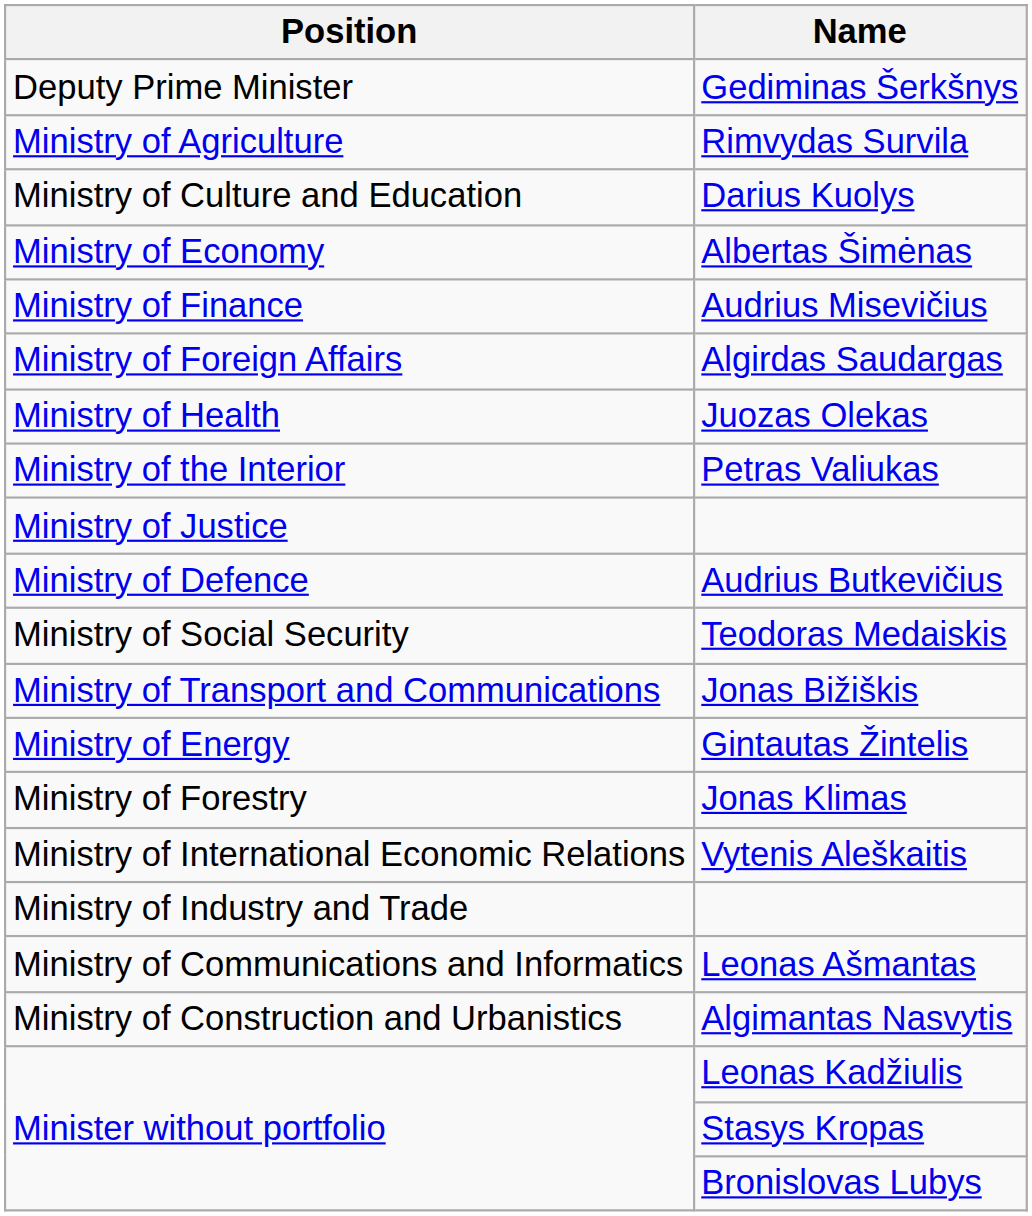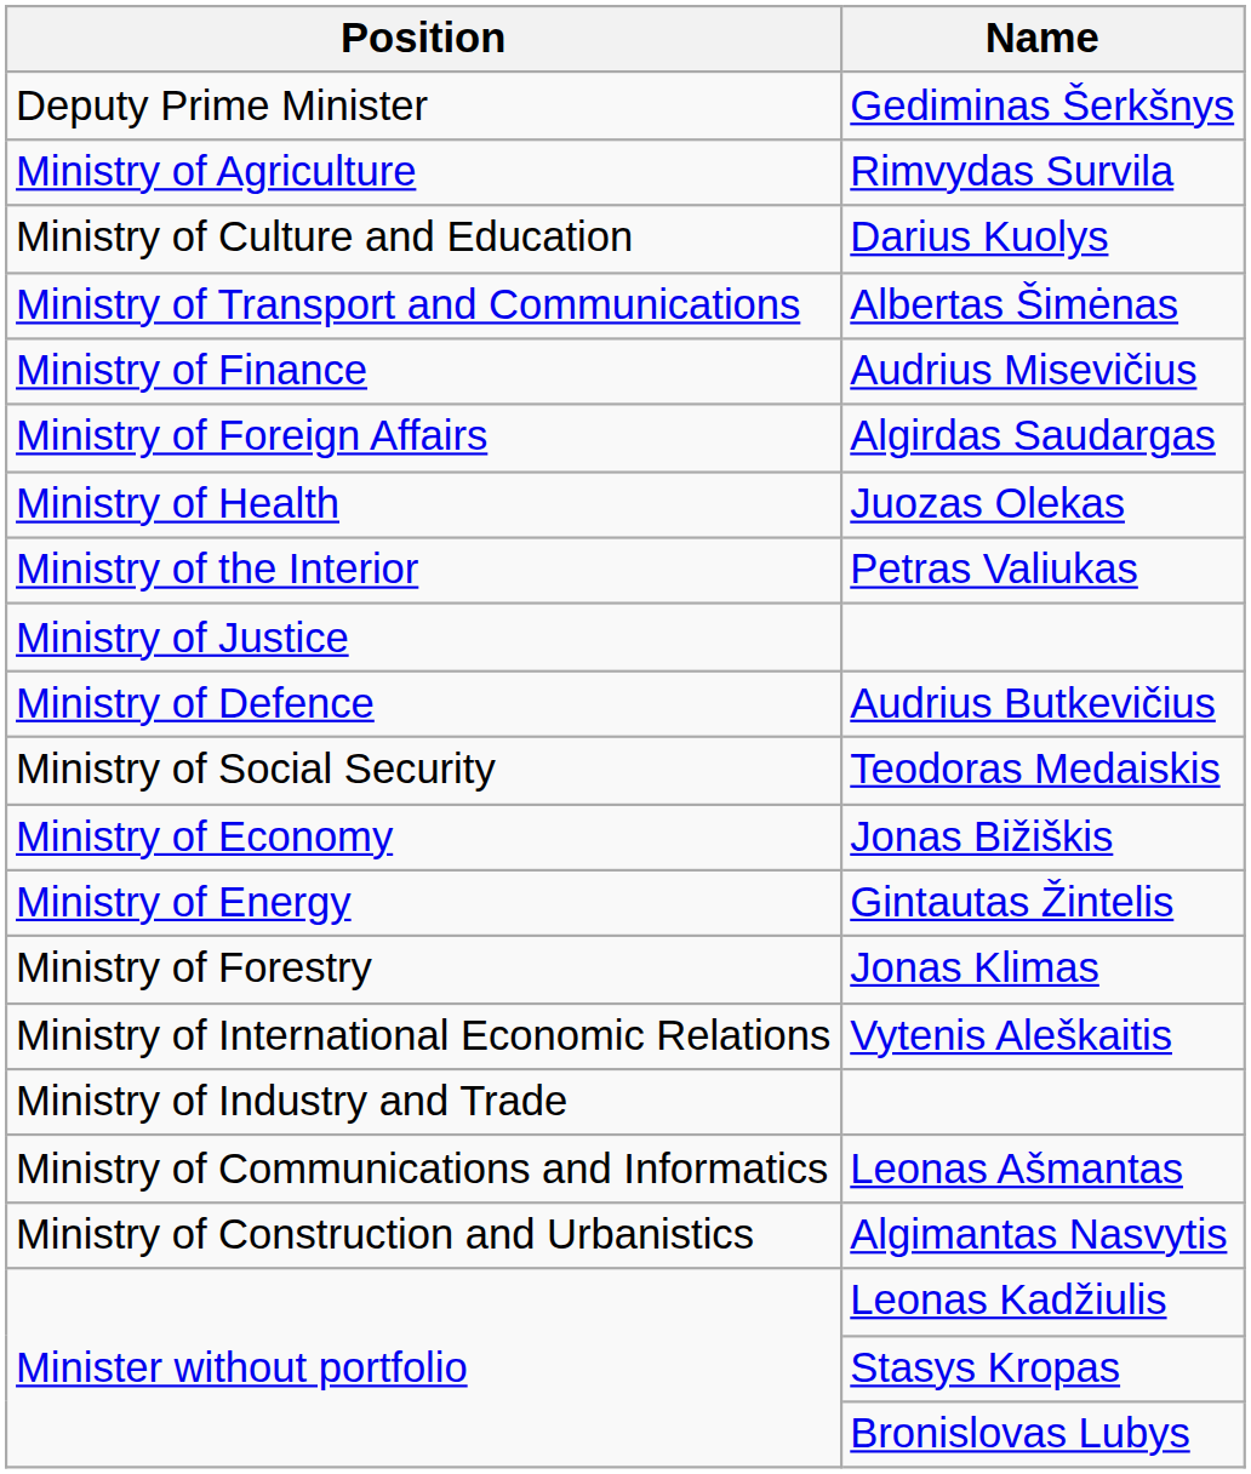 <table class="wikitable">
 <tr>
 <th>Position</th>
 <th>Name</th>
 </tr>
 <tr>
 <td>Deputy Prime Minister</td>
 <td><a href='#'>Gediminas Šerkšnys</a></td>
 </tr>
 <tr>
 <td><a href='#'>Ministry of Agriculture</a></td>
 <td><a href='#'>Rimvydas Survila</a></td>
 </tr>
 <tr>
 <td>Ministry of Culture and Education</td>
 <td><a href='#'>Darius Kuolys</a></td>
 </tr>
 <tr>
-<td><a href='#'>Ministry of Economy</a></td>
+<td><a href='#'>Ministry of Transport and Communications</a></td>
 <td><a href='#'>Albertas Šimėnas</a></td>
 </tr>
 <tr>
 <td><a href='#'>Ministry of Finance</a></td>
 <td><a href='#'>Audrius Misevičius</a></td>
 </tr>
 <tr>
 <td><a href='#'>Ministry of Foreign Affairs</a></td>
 <td><a href='#'>Algirdas Saudargas</a></td>
 </tr>
 <tr>
 <td><a href='#'>Ministry of Health</a></td>
 <td><a href='#'>Juozas Olekas</a></td>
 </tr>
 <tr>
 <td><a href='#'>Ministry of the Interior</a></td>
 <td><a href='#'>Petras Valiukas</a></td>
 </tr>
 <tr>
 <td><a href='#'>Ministry of Justice</a></td>
 <td></td>
 </tr>
 <tr>
 <td><a href='#'>Ministry of Defence</a></td>
 <td><a href='#'>Audrius Butkevičius</a></td>
 </tr>
 <tr>
 <td>Ministry of Social Security</td>
 <td><a href='#'>Teodoras Medaiskis</a></td>
 </tr>
 <tr>
-<td><a href='#'>Ministry of Transport and Communications</a></td>
+<td><a href='#'>Ministry of Economy</a></td>
 <td><a href='#'>Jonas Bižiškis</a></td>
 </tr>
 <tr>
 <td><a href='#'>Ministry of Energy</a></td>
 <td><a href='#'>Gintautas Žintelis</a></td>
 </tr>
 <tr>
 <td>Ministry of Forestry</td>
 <td><a href='#'>Jonas Klimas</a></td>
 </tr>
 <tr>
 <td>Ministry of International Economic Relations</td>
 <td><a href='#'>Vytenis Aleškaitis</a></td>
 </tr>
 <tr>
 <td>Ministry of Industry and Trade</td>
 <td></td>
 </tr>
 <tr>
 <td>Ministry of Communications and Informatics</td>
 <td><a href='#'>Leonas Ašmantas</a></td>
 </tr>
 <tr>
 <td>Ministry of Construction and Urbanistics</td>
 <td><a href='#'>Algimantas Nasvytis</a></td>
 </tr>
 <tr>
 <td rowspan=3><a href='#'>Minister without portfolio</a></td>
 <td><a href='#'>Leonas Kadžiulis</a></td>
 </tr>
 <tr>
 <td><a href='#'>Stasys Kropas</a></td>
 </tr>
 <tr>
 <td><a href='#'>Bronislovas Lubys</a></td>
 </tr>
 </table>
